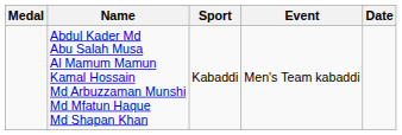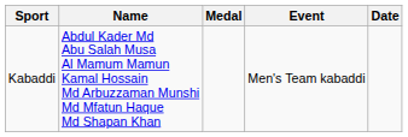 <table class="wikitable sortable" style="font-size:90%">
 <tr>
+<th>Sport</th>
+<th>Name</th>
 <th>Medal</th>
-<th>Name</th>
-<th>Sport</th>
 <th>Event</th>
 <th>Date</th>
 </tr>
 <tr>
+<td>Kabaddi</td>
+<td><a href='#'>Abdul Kader Md</a><br><a href='#'>Abu Salah Musa</a><br><a href='#'>Al Mamum Mamun</a><br><a href='#'>Kamal Hossain</a><br><a href='#'>Md Arbuzzaman Munshi</a><br><a href='#'>Md Mfatun Haque</a><br><a href='#'>Md Shapan Khan</a></td>
 <td></td>
-<td><a href='#'>Abdul Kader Md</a><br><a href='#'>Abu Salah Musa</a><br><a href='#'>Al Mamum Mamun</a><br><a href='#'>Kamal Hossain</a><br><a href='#'>Md Arbuzzaman Munshi</a><br><a href='#'>Md Mfatun Haque</a><br><a href='#'>Md Shapan Khan</a></td>
-<td>Kabaddi</td>
 <td>Men's Team kabaddi</td>
 <td></td>
 </tr>
 </table>
